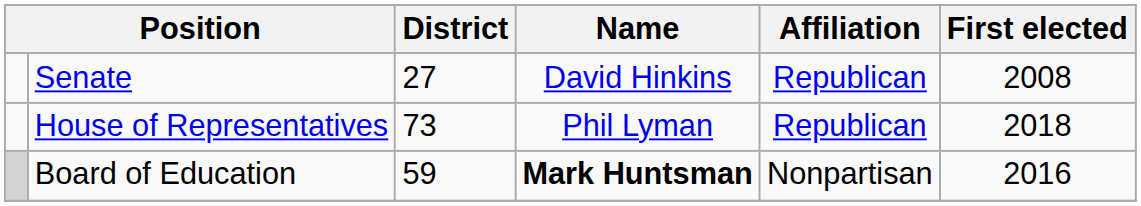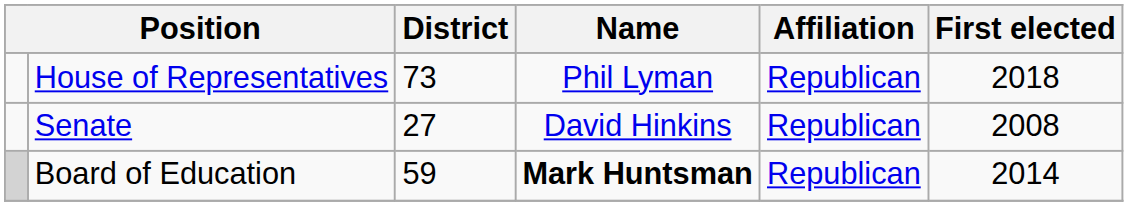 <table class="wikitable">
 <tr>
 <th colspan="2" style="text-align:center; vertical-align:bottom;">Position</th>
 <th>District</th>
 <th style="text-align:center;">Name</th>
 <th valign="bottom">Affiliation</th>
 <th style="vertical-align:bottom; text-align:center;">First elected</th>
 </tr>
 <tr>
 <td style="background-color:"> </td>
+<td><a href='#'>House of Representatives</a></td>
+<td>73</td>
+<td style="text-align:center;"><a href='#'>Phil Lyman</a></td>
+<td style="text-align:center;"><a href='#'>Republican</a></td>
+<td style="text-align:center;">2018</td>
+</tr>
+<tr>
+<td style="background-color:"> </td>
 <td><a href='#'>Senate</a></td>
 <td>27</td>
 <td style="text-align:center;"><a href='#'>David Hinkins</a></td>
 <td style="text-align:center;"><a href='#'>Republican</a></td>
 <td style="text-align:center;">2008</td>
 </tr>
 <tr>
-<td style="background-color:"> </td>
-<td><a href='#'>House of Representatives</a></td>
-<td>73</td>
-<td style="text-align:center;"><a href='#'>Phil Lyman</a></td>
-<td style="text-align:center;"><a href='#'>Republican</a></td>
-<td style="text-align:center;">2018</td>
-</tr>
-<tr>
 <td style="background-color:lightgrey"> </td>
 <td>Board of Education</td>
 <td>59</td>
 <td style="text-align:center;"><strong>Mark Huntsman</strong></td>
-<td style="text-align:center;">Nonpartisan</td>
-<td style="text-align:center;">2016</td>
+<td style="text-align:center;"><a href='#'>Republican</a></td>
+<td style="text-align:center;">2014</td>
 </tr>
 <tr>
 </tr>
 </table>
